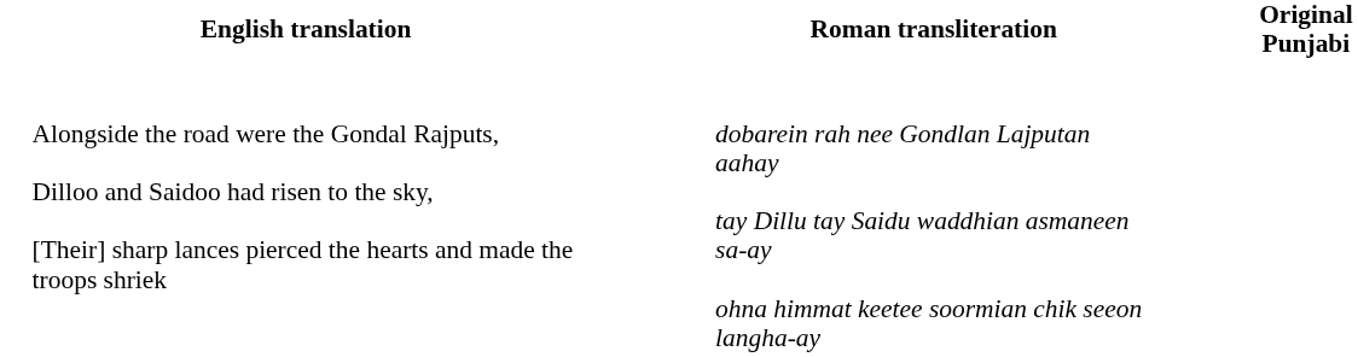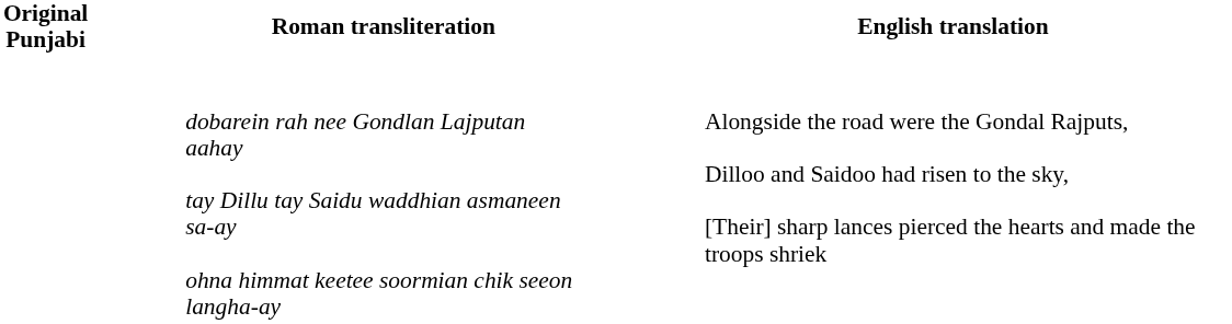 <table>
 <tr>
+<th><strong>Original Punjabi</strong></th>
+<th><strong>Roman transliteration</strong></th>
 <th><strong>English translation</strong></th>
-<th><strong>Roman transliteration</strong></th>
-<th><strong>Original Punjabi</strong></th>
 </tr>
 <tr style="vertical-align:top">
+<td><br><div> </div></td>
+<td><br><blockquote><span> <em>dobarein rah nee Gondlan Lajputan aahay</em><br><br><em>tay Dillu tay Saidu waddhian asmaneen sa-ay</em><br><br><em>ohna himmat keetee soormian chik seeon langha-ay</em><br> </span></blockquote></td>
 <td><br><blockquote><span> Alongside the road were the Gondal Rajputs,<br><br>Dilloo and Saidoo had risen to the sky,<br><br>[Their] sharp lances pierced the hearts and made the troops shriek<br> </span></blockquote></td>
-<td><br><blockquote><span> <em>dobarein rah nee Gondlan Lajputan aahay</em><br><br><em>tay Dillu tay Saidu waddhian asmaneen sa-ay</em><br><br><em>ohna himmat keetee soormian chik seeon langha-ay</em><br> </span></blockquote></td>
-<td><br><div> </div></td>
 </tr>
 </table>
